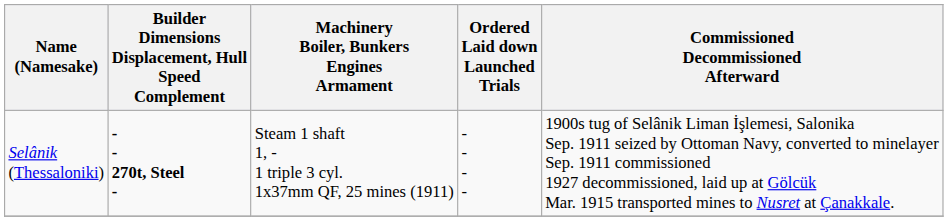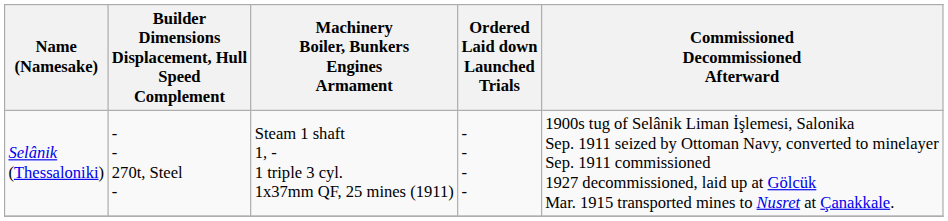 <table class="wikitable" style="font-size:90%;">
 <tr bgcolor="#e6e9ff">
 <th>Name<br>(Namesake)</th>
 <th>Builder<br>Dimensions<br>Displacement, Hull<br>Speed<br>Complement</th>
 <th>Machinery<br>Boiler, Bunkers<br>Engines<br>Armament</th>
 <th>Ordered<br>Laid down<br>Launched<br>Trials</th>
 <th>Commissioned<br>Decommissioned<br>Afterward</th>
 </tr>
 <tr ---->
 <td><em><a href='#'>Selânik</a></em><br>(<a href='#'>Thessaloniki</a>)</td>
-<td><strong>-<br>-<br>270t, Steel<br>-</strong></td>
+<td>-<br>-<br>270t, Steel<br>-</td>
 <td>Steam 1 shaft<br>1, -<br>1 triple 3 cyl.<br>1x37mm QF, 25 mines (1911)</td>
 <td>-<br>-<br>-<br>-</td>
 <td>1900s tug of Selânik Liman İşlemesi, Salonika<br>Sep. 1911 seized by Ottoman Navy, converted to minelayer<br>Sep. 1911 commissioned<br>1927 decommissioned, laid up at <a href='#'>Gölcük</a><br>Mar. 1915 transported mines to <a href='#'><em>Nusret</em></a> at <a href='#'>Çanakkale</a>.</td>
 </tr>
 <tr ---->
 </tr>
 </table>
